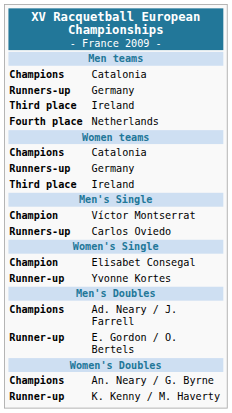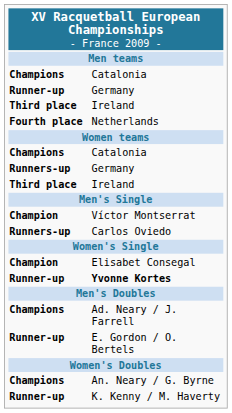 <table class="infobox" style="font-size: 90%; width: 22em;">
 <tr>
 <td colspan="2" style="background: #227799; text-align: center; color:#ffffff;"><big><strong>XV Racquetball European Championships</strong></big><br>- France 2009 -</td>
 </tr>
 <tr style="vertical-align:top;">
 <td colspan="2" style="background: #cedff2; text-align: center; color:#227799;"><strong>Men teams</strong></td>
 </tr>
 <tr style="vertical-align:top;">
 <td><strong>Champions</strong> </td>
 <td> Catalonia</td>
 </tr>
 <tr>
-<td><strong>Runners-up</strong> </td>
+<td><strong>Runner-up</strong> </td>
 <td> Germany</td>
 </tr>
 <tr>
 <td><strong>Third place</strong> </td>
 <td> Ireland</td>
 </tr>
 <tr>
 <td><strong>Fourth place</strong></td>
 <td> Netherlands</td>
 </tr>
 <tr style="vertical-align:top;">
 <td colspan="2" style="background: #cedff2; text-align: center; color:#227799;"><strong>Women teams</strong></td>
 </tr>
 <tr style="vertical-align:top;">
 <td><strong>Champions</strong> </td>
 <td> Catalonia</td>
 </tr>
 <tr>
 <td><strong>Runners-up</strong> </td>
 <td> Germany</td>
 </tr>
 <tr>
 <td><strong>Third place</strong> </td>
 <td> Ireland</td>
 </tr>
 <tr style="vertical-align:top;">
 <td colspan="2" style="background: #cedff2; text-align: center; color:#227799;"><strong>Men's Single</strong></td>
 </tr>
 <tr style="vertical-align:top;">
 <td><strong>Champion</strong> </td>
 <td> Víctor Montserrat</td>
 </tr>
 <tr>
 <td><strong>Runners-up</strong> </td>
 <td> Carlos Oviedo</td>
 </tr>
 <tr style="vertical-align:top;">
 <td colspan="2" style="background: #cedff2; text-align: center; color:#227799;"><strong>Women's Single</strong></td>
 </tr>
 <tr style="vertical-align:top;">
 <td><strong>Champion</strong> </td>
 <td> Elisabet Consegal</td>
 </tr>
 <tr>
 <td><strong>Runner-up</strong> </td>
-<td> Yvonne Kortes</td>
+<td><strong> Yvonne Kortes</strong></td>
 </tr>
 <tr style="vertical-align:top;">
 <td colspan="2" style="background: #cedff2; text-align: center; color:#227799;"><strong>Men's Doubles</strong></td>
 </tr>
 <tr style="vertical-align:top;">
 <td><strong>Champions</strong> </td>
 <td> Ad. Neary / J. Farrell</td>
 </tr>
 <tr>
 <td><strong>Runner-up</strong> </td>
 <td> E. Gordon / O. Bertels</td>
 </tr>
 <tr style="vertical-align:top;">
 <td colspan="2" style="background: #cedff2; text-align: center; color:#227799;"><strong>Women's Doubles</strong></td>
 </tr>
 <tr style="vertical-align:top;">
 <td><strong>Champions</strong> </td>
 <td> An. Neary / G. Byrne</td>
 </tr>
 <tr>
 <td><strong>Runner-up</strong> </td>
 <td> K. Kenny / M. Haverty</td>
 </tr>
 </table>
